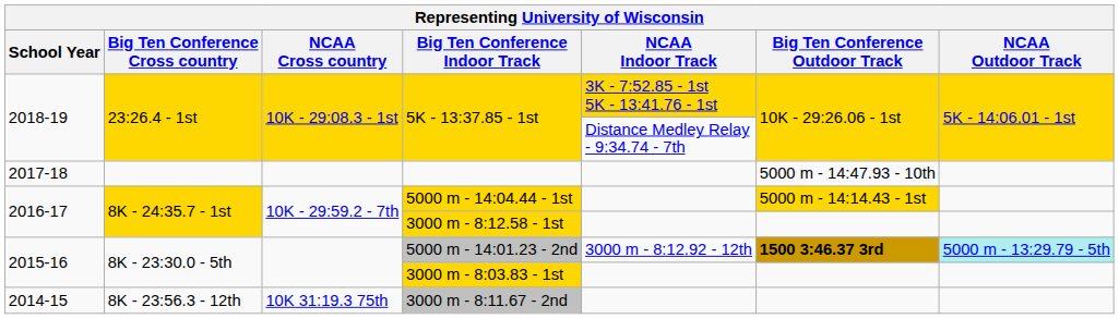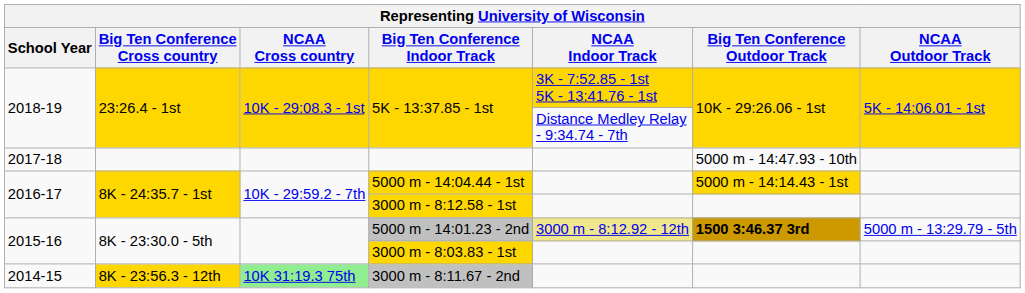 <table class="wikitable sortable">
 <tr>
 <th colspan="7">Representing <a href='#'>University of Wisconsin</a></th>
 </tr>
 <tr>
 <th>School Year</th>
 <th><a href='#'>Big Ten Conference</a><br><a href='#'>Cross country</a></th>
 <th><a href='#'>NCAA</a><br><a href='#'>Cross country</a></th>
 <th><a href='#'>Big Ten Conference</a><br><a href='#'>Indoor Track</a></th>
 <th><a href='#'>NCAA</a><br><a href='#'>Indoor Track</a></th>
 <th><a href='#'>Big Ten Conference</a><br><a href='#'>Outdoor Track</a></th>
 <th><a href='#'>NCAA</a><br><a href='#'>Outdoor Track</a></th>
 </tr>
 <tr>
 <td Rowspan=2>2018-19</td>
 <td Rowspan=2 bgcolor=gold>23:26.4 - 1st</td>
 <td Rowspan=2 bgcolor=gold><a href='#'>10K - 29:08.3 - 1st</a></td>
 <td Rowspan=2 bgcolor=gold>5K - 13:37.85 - 1st</td>
 <td bgcolor=gold><a href='#'>3K - 7:52.85 - 1st<br>5K - 13:41.76 - 1st</a></td>
 <td Rowspan=2 bgcolor=gold>10K - 29:26.06 - 1st</td>
 <td Rowspan=2 bgcolor=gold><a href='#'>5K - 14:06.01 - 1st</a></td>
 </tr>
 <tr>
 <td><a href='#'>Distance Medley Relay<br> - 9:34.74 - 7th</a></td>
 </tr>
 <tr>
 <td Rowspan=1>2017-18</td>
 <td></td>
 <td></td>
 <td></td>
 <td></td>
 <td>5000 m - 14:47.93 - 10th</td>
 <td></td>
 </tr>
 <tr>
 <td Rowspan=2>2016-17</td>
 <td bgcolor=gold Rowspan=2>8K - 24:35.7 - 1st</td>
 <td Rowspan=2><a href='#'>10K - 29:59.2 - 7th</a></td>
 <td bgcolor=gold>5000 m - 14:04.44 - 1st</td>
 <td></td>
 <td bgcolor=gold>5000 m - 14:14.43 - 1st</td>
 <td></td>
 </tr>
 <tr>
 <td bgcolor=gold>3000 m - 8:12.58 - 1st</td>
 <td></td>
 <td></td>
 <td></td>
 </tr>
 <tr>
 <td Rowspan=2>2015-16</td>
 <td Rowspan=2>8K - 23:30.0 - 5th</td>
 <td Rowspan=2></td>
 <td bgcolor=silver>5000 m - 14:01.23 - 2nd</td>
-<td><a href='#'>3000 m - 8:12.92 - 12th</a></td>
+<td style="background: khaki;"><a href='#'>3000 m - 8:12.92 - 12th</a></td>
 <td bgcolor="#cc9900"><strong>1500 3:46.37 3rd</strong></td>
-<td style="background: paleturquoise;"><a href='#'>5000 m - 13:29.79 - 5th</a></td>
+<td><a href='#'>5000 m - 13:29.79 - 5th</a></td>
 </tr>
 <tr>
 <td bgcolor=gold>3000 m - 8:03.83 - 1st</td>
 <td></td>
 <td></td>
 <td></td>
 </tr>
 <tr>
 <td Rowspan=1>2014-15</td>
-<td>8K - 23:56.3 - 12th</td>
-<td><a href='#'>10K 31:19.3 75th</a></td>
+<td style="background: gold;">8K - 23:56.3 - 12th</td>
+<td style="background: lightgreen;"><a href='#'>10K 31:19.3 75th</a></td>
 <td bgcolor=silver>3000 m - 8:11.67 - 2nd</td>
 <td></td>
 <td></td>
 <td></td>
 </tr>
 </table>
